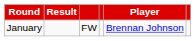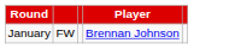 <table class="wikitable" style="text-align:center">
 <tr>
 <th style="background:#DD0000; color:#FFFFFF;">Round</th>
-<th style="background:#DD0000; color:#FFFFFF;">Result</th>
 <th style="background:#DD0000; color:#FFFFFF;"></th>
 <th style="background:#DD0000; color:#FFFFFF;"></th>
 <th style="background:#DD0000;color:#FFFFFF;">Player</th>
 <th style="background:#DD0000; color:#FFFFFF;"></th>
 </tr>
 <tr>
 <td>January</td>
-<td></td>
 <td>FW</td>
 <td></td>
 <td><a href='#'>Brennan Johnson</a></td>
 <td></td>
 </tr>
 </table>
